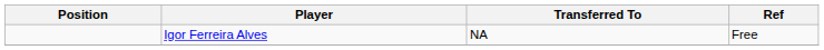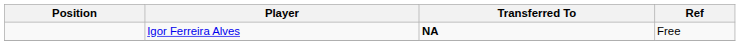 <table class="wikitable sortable" style="width:65%; text-align:center; font-size:100%; text-align:left;">
 <tr>
 <th><strong>Position</strong></th>
 <th><strong>Player</strong></th>
 <th><strong>Transferred To</strong></th>
 <th><strong>Ref</strong></th>
 </tr>
 <tr>
 <td></td>
 <td> <a href='#'>Igor Ferreira Alves</a></td>
-<td>NA</td>
+<td><strong>NA</strong></td>
 <td>Free</td>
 </tr>
 <tr>
 </tr>
 </table>
